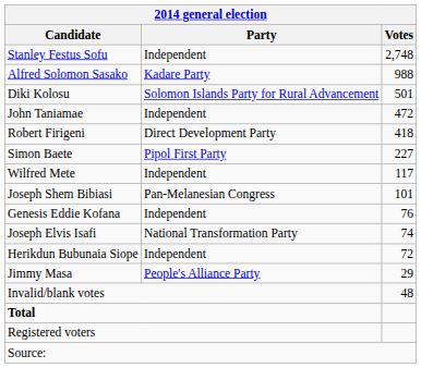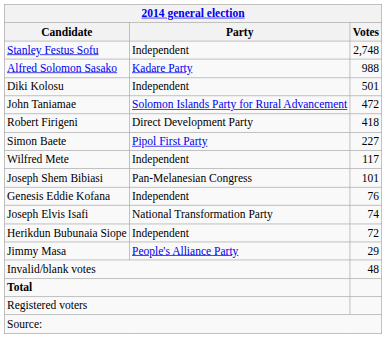 <table class=wikitable style=text-align:left>
 <tr>
 <th colspan=3><a href='#'>2014 general election</a></th>
 </tr>
 <tr>
 <th>Candidate</th>
 <th>Party</th>
 <th>Votes</th>
 </tr>
 <tr>
 <td><a href='#'>Stanley Festus Sofu</a></td>
 <td>Independent</td>
 <td align=right>2,748</td>
 </tr>
 <tr>
 <td><a href='#'>Alfred Solomon Sasako</a></td>
 <td><a href='#'>Kadare Party</a></td>
 <td align=right>988</td>
 </tr>
 <tr>
 <td>Diki Kolosu</td>
-<td><a href='#'>Solomon Islands Party for Rural Advancement</a></td>
+<td>Independent</td>
 <td align=right>501</td>
 </tr>
 <tr>
 <td>John Taniamae</td>
-<td>Independent</td>
+<td><a href='#'>Solomon Islands Party for Rural Advancement</a></td>
 <td align=right>472</td>
 </tr>
 <tr>
 <td>Robert Firigeni</td>
 <td>Direct Development Party</td>
 <td align=right>418</td>
 </tr>
 <tr>
 <td>Simon Baete</td>
 <td><a href='#'>Pipol First Party</a></td>
 <td align=right>227</td>
 </tr>
 <tr>
 <td>Wilfred Mete</td>
 <td>Independent</td>
 <td align=right>117</td>
 </tr>
 <tr>
 <td>Joseph Shem Bibiasi</td>
 <td>Pan-Melanesian Congress</td>
 <td align=right>101</td>
 </tr>
 <tr>
 <td>Genesis Eddie Kofana</td>
 <td>Independent</td>
 <td align=right>76</td>
 </tr>
 <tr>
 <td>Joseph Elvis Isafi</td>
 <td>National Transformation Party</td>
 <td align=right>74</td>
 </tr>
 <tr>
 <td>Herikdun Bubunaia Siope</td>
 <td>Independent</td>
 <td align=right>72</td>
 </tr>
 <tr>
 <td>Jimmy Masa</td>
 <td><a href='#'>People's Alliance Party</a></td>
 <td align=right>29</td>
 </tr>
 <tr>
 <td colspan=2>Invalid/blank votes</td>
 <td align=right>48</td>
 </tr>
 <tr>
 <td colspan=2><strong>Total</strong></td>
 <td></td>
 </tr>
 <tr>
 <td colspan=2>Registered voters</td>
 <td></td>
 </tr>
 <tr>
 <td colspan=3>Source: </td>
 </tr>
 </table>
